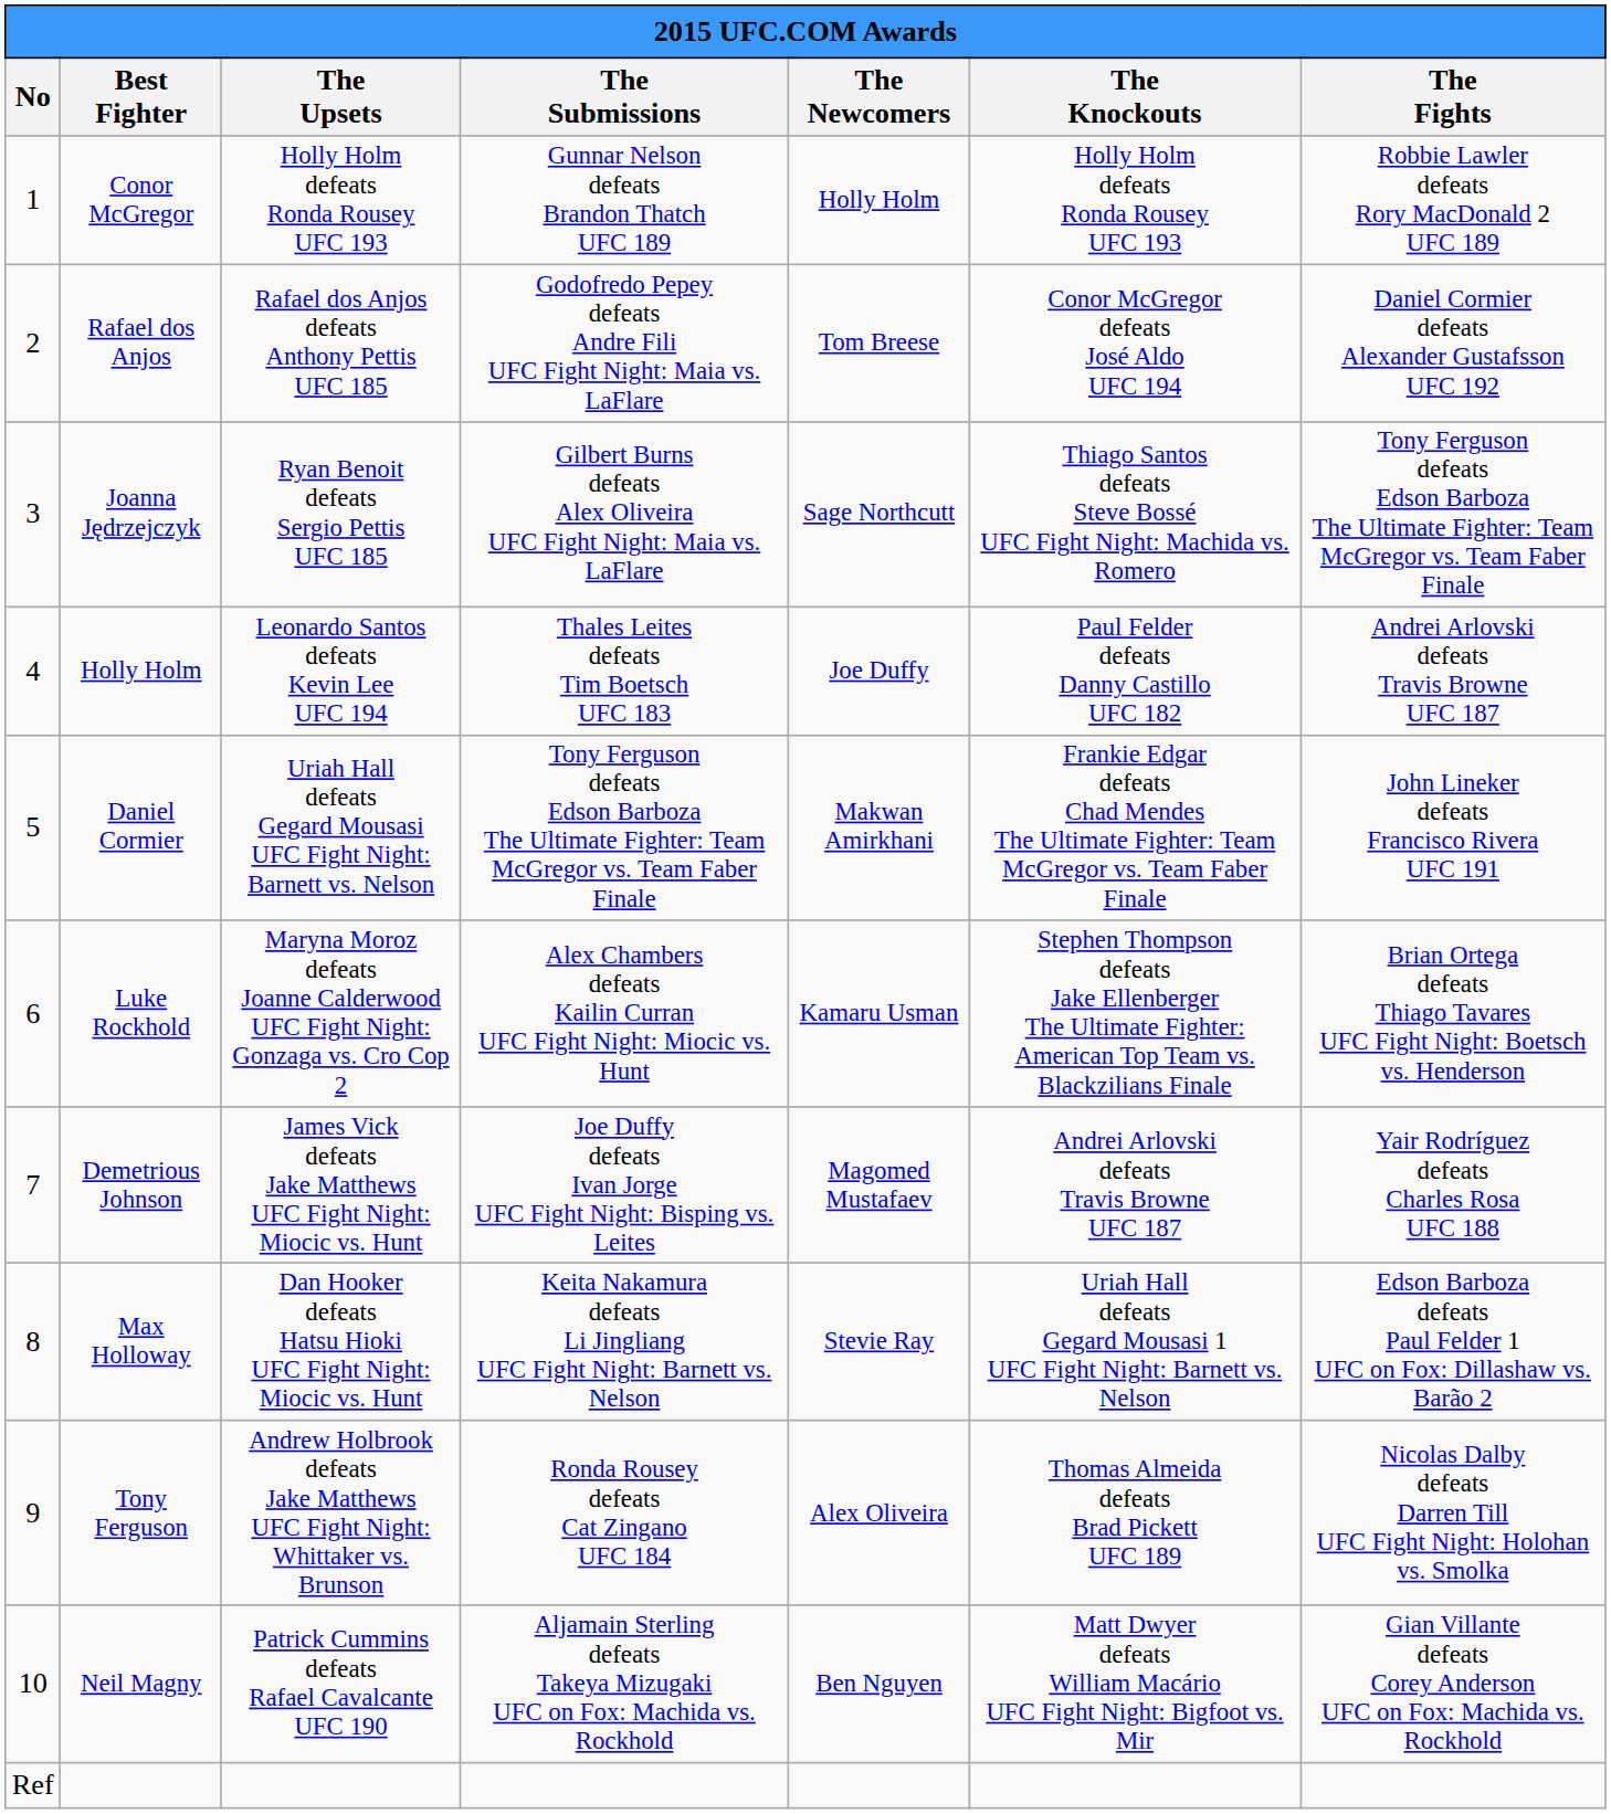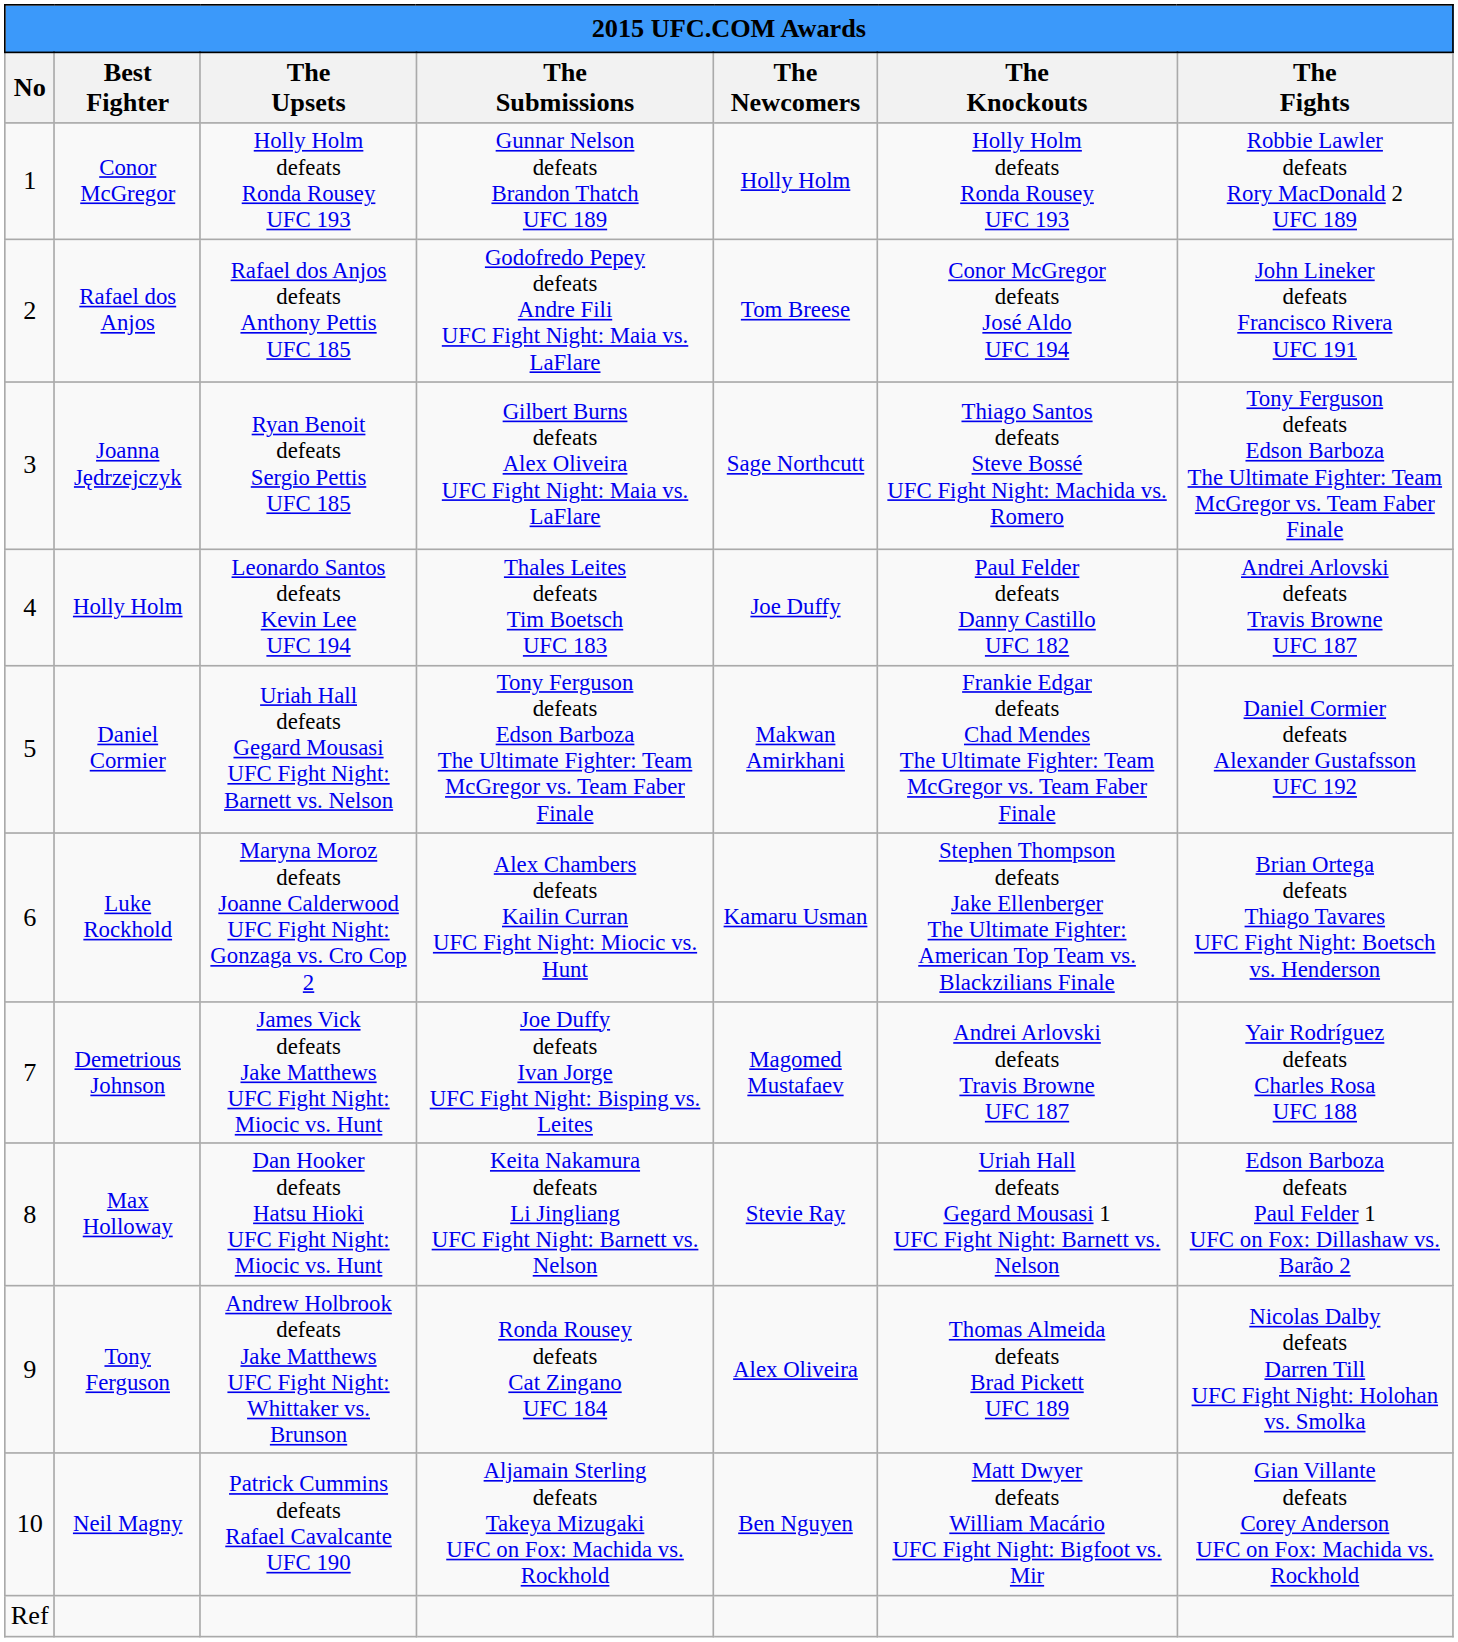 <table class="wikitable" width="100%" style="text-align:Center">
 <tr>
 <th colspan="7" style="border: 1px solid black; padding: 5px; background: #3B99FA;">2015 UFC.COM Awards</th>
 </tr>
 <tr>
 <th>No</th>
 <th>Best Fighter</th>
 <th>The<br>Upsets</th>
 <th>The<br>Submissions</th>
 <th>The Newcomers</th>
 <th>The<br>Knockouts</th>
 <th>The<br>Fights</th>
 </tr>
 <tr>
 <td>1</td>
 <td style="font-size:87%"><a href='#'>Conor McGregor</a></td>
 <td style="font-size:87%"><a href='#'>Holly Holm</a> <br> defeats <br> <a href='#'>Ronda Rousey</a> <br> <a href='#'>UFC 193</a></td>
 <td style="font-size:87%"><a href='#'>Gunnar Nelson</a> <br> defeats <br> <a href='#'>Brandon Thatch</a> <br> <a href='#'>UFC 189</a></td>
 <td style="font-size:87%"><a href='#'>Holly Holm</a></td>
 <td style="font-size:87%"><a href='#'>Holly Holm</a> <br> defeats <br> <a href='#'>Ronda Rousey</a> <br> <a href='#'>UFC 193</a></td>
 <td style="font-size:87%"><a href='#'>Robbie Lawler</a> <br> defeats <br> <a href='#'>Rory MacDonald</a> 2 <br> <a href='#'>UFC 189</a></td>
 </tr>
 <tr>
 <td>2</td>
 <td style="font-size:87%"><a href='#'>Rafael dos Anjos</a></td>
 <td style="font-size:87%"><a href='#'>Rafael dos Anjos</a> <br> defeats <br> <a href='#'>Anthony Pettis</a> <br> <a href='#'>UFC 185</a></td>
 <td style="font-size:87%"><a href='#'>Godofredo Pepey</a> <br> defeats  <br> <a href='#'>Andre Fili</a> <br> <a href='#'>UFC Fight Night: Maia vs. LaFlare</a></td>
 <td style="font-size:87%"><a href='#'>Tom Breese</a></td>
 <td style="font-size:87%"><a href='#'>Conor McGregor</a> <br> defeats <br> <a href='#'>José Aldo</a> <br> <a href='#'>UFC 194</a></td>
-<td style="font-size:87%"><a href='#'>Daniel Cormier</a> <br> defeats <br> <a href='#'>Alexander Gustafsson</a> <br> <a href='#'>UFC 192</a></td>
+<td style="font-size:87%"><a href='#'>John Lineker</a> <br> defeats <br> <a href='#'>Francisco Rivera</a> <br> <a href='#'>UFC 191</a></td>
 </tr>
 <tr>
 <td>3</td>
 <td style="font-size:87%"><a href='#'>Joanna Jędrzejczyk</a></td>
 <td style="font-size:87%"><a href='#'>Ryan Benoit</a> <br> defeats  <br> <a href='#'>Sergio Pettis</a> <br> <a href='#'>UFC 185</a></td>
 <td style="font-size:87%"><a href='#'>Gilbert Burns</a> <br> defeats  <br> <a href='#'>Alex Oliveira</a> <br> <a href='#'>UFC Fight Night: Maia vs. LaFlare</a></td>
 <td style="font-size:87%"><a href='#'>Sage Northcutt</a></td>
 <td style="font-size:87%"><a href='#'>Thiago Santos</a> <br> defeats <br> <a href='#'>Steve Bossé</a> <br> <a href='#'>UFC Fight Night: Machida vs. Romero</a></td>
 <td style="font-size:87%"><a href='#'>Tony Ferguson</a> <br> defeats <br> <a href='#'>Edson Barboza</a> <br> <a href='#'>The Ultimate Fighter: Team McGregor vs. Team Faber Finale</a></td>
 </tr>
 <tr>
 <td>4</td>
 <td style="font-size:87%"><a href='#'>Holly Holm</a></td>
 <td style="font-size:87%"><a href='#'>Leonardo Santos</a> <br> defeats <br> <a href='#'>Kevin Lee</a> <br> <a href='#'>UFC 194</a></td>
 <td style="font-size:87%"><a href='#'>Thales Leites</a> <br> defeats <br> <a href='#'>Tim Boetsch</a> <br> <a href='#'>UFC 183</a></td>
 <td style="font-size:87%"><a href='#'>Joe Duffy</a></td>
 <td style="font-size:87%"><a href='#'>Paul Felder</a> <br> defeats <br> <a href='#'>Danny Castillo</a> <br> <a href='#'>UFC 182</a></td>
 <td style="font-size:87%"><a href='#'>Andrei Arlovski</a> <br> defeats <br> <a href='#'>Travis Browne</a> <br> <a href='#'>UFC 187</a></td>
 </tr>
 <tr>
 <td>5</td>
 <td style="font-size:87%"><a href='#'>Daniel Cormier</a></td>
 <td style="font-size:87%"><a href='#'>Uriah Hall</a> <br> defeats <br> <a href='#'>Gegard Mousasi</a> <br> <a href='#'>UFC Fight Night: Barnett vs. Nelson</a></td>
 <td style="font-size:87%"><a href='#'>Tony Ferguson</a> <br> defeats <br> <a href='#'>Edson Barboza</a> <br> <a href='#'>The Ultimate Fighter: Team McGregor vs. Team Faber Finale</a></td>
 <td style="font-size:87%"><a href='#'>Makwan Amirkhani</a></td>
 <td style="font-size:87%"><a href='#'>Frankie Edgar</a> <br> defeats <br> <a href='#'>Chad Mendes</a> <br> <a href='#'>The Ultimate Fighter: Team McGregor vs. Team Faber Finale</a></td>
-<td style="font-size:87%"><a href='#'>John Lineker</a> <br> defeats <br> <a href='#'>Francisco Rivera</a> <br> <a href='#'>UFC 191</a></td>
+<td style="font-size:87%"><a href='#'>Daniel Cormier</a> <br> defeats <br> <a href='#'>Alexander Gustafsson</a> <br> <a href='#'>UFC 192</a></td>
 </tr>
 <tr>
 <td>6</td>
 <td style="font-size:87%"><a href='#'>Luke Rockhold</a></td>
 <td style="font-size:87%"><a href='#'>Maryna Moroz</a> <br> defeats <br> <a href='#'>Joanne Calderwood</a> <br> <a href='#'>UFC Fight Night: Gonzaga vs. Cro Cop 2</a></td>
 <td style="font-size:87%"><a href='#'>Alex Chambers</a> <br> defeats <br> <a href='#'>Kailin Curran</a> <br> <a href='#'>UFC Fight Night: Miocic vs. Hunt</a></td>
 <td style="font-size:87%"><a href='#'>Kamaru Usman</a></td>
 <td style="font-size:87%"><a href='#'>Stephen Thompson</a> <br> defeats <br> <a href='#'>Jake Ellenberger</a> <br> <a href='#'>The Ultimate Fighter: American Top Team vs. Blackzilians Finale</a></td>
 <td style="font-size:87%"><a href='#'>Brian Ortega</a> <br> defeats <br> <a href='#'>Thiago Tavares</a> <br> <a href='#'>UFC Fight Night: Boetsch vs. Henderson</a></td>
 </tr>
 <tr>
 <td>7</td>
 <td style="font-size:87%"><a href='#'>Demetrious Johnson</a></td>
 <td style="font-size:87%"><a href='#'>James Vick</a> <br> defeats <br> <a href='#'>Jake Matthews</a> <br> <a href='#'>UFC Fight Night: Miocic vs. Hunt</a></td>
 <td style="font-size:87%"><a href='#'>Joe Duffy</a> <br> defeats <br> <a href='#'>Ivan Jorge</a> <br> <a href='#'>UFC Fight Night: Bisping vs. Leites</a></td>
 <td style="font-size:87%"><a href='#'>Magomed Mustafaev</a></td>
 <td style="font-size:87%"><a href='#'>Andrei Arlovski</a> <br> defeats <br> <a href='#'>Travis Browne</a> <br> <a href='#'>UFC 187</a></td>
 <td style="font-size:87%"><a href='#'>Yair Rodríguez</a> <br> defeats <br> <a href='#'>Charles Rosa</a> <br> <a href='#'>UFC 188</a></td>
 </tr>
 <tr>
 <td>8</td>
 <td style="font-size:87%"><a href='#'>Max Holloway</a></td>
 <td style="font-size:87%"><a href='#'>Dan Hooker</a> <br> defeats <br> <a href='#'>Hatsu Hioki</a> <br> <a href='#'>UFC Fight Night: Miocic vs. Hunt</a></td>
 <td style="font-size:87%"><a href='#'>Keita Nakamura</a> <br> defeats <br> <a href='#'>Li Jingliang</a> <br> <a href='#'>UFC Fight Night: Barnett vs. Nelson</a></td>
 <td style="font-size:87%"><a href='#'>Stevie Ray</a></td>
 <td style="font-size:87%"><a href='#'>Uriah Hall</a> <br> defeats <br> <a href='#'>Gegard Mousasi</a> 1 <br> <a href='#'>UFC Fight Night: Barnett vs. Nelson</a></td>
 <td style="font-size:87%"><a href='#'>Edson Barboza</a> <br> defeats <br> <a href='#'>Paul Felder</a> 1 <br> <a href='#'>UFC on Fox: Dillashaw vs. Barão 2</a></td>
 </tr>
 <tr>
 <td>9</td>
 <td style="font-size:87%"><a href='#'>Tony Ferguson</a></td>
 <td style="font-size:87%"><a href='#'>Andrew Holbrook</a> <br> defeats <br>  <a href='#'>Jake Matthews</a> <br> <a href='#'>UFC Fight Night: Whittaker vs. Brunson</a></td>
 <td style="font-size:87%"><a href='#'>Ronda Rousey</a> <br> defeats <br> <a href='#'>Cat Zingano</a> <br> <a href='#'>UFC 184</a></td>
 <td style="font-size:87%"><a href='#'>Alex Oliveira</a></td>
 <td style="font-size:87%"><a href='#'>Thomas Almeida</a> <br> defeats <br> <a href='#'>Brad Pickett</a> <br> <a href='#'>UFC 189</a></td>
 <td style="font-size:87%"><a href='#'>Nicolas Dalby</a> <br> defeats <br> <a href='#'>Darren Till</a> <br> <a href='#'>UFC Fight Night: Holohan vs. Smolka</a></td>
 </tr>
 <tr>
 <td>10</td>
 <td style="font-size:87%"><a href='#'>Neil Magny</a></td>
 <td style="font-size:87%"><a href='#'>Patrick Cummins</a> <br> defeats <br> <a href='#'>Rafael Cavalcante</a> <br> <a href='#'>UFC 190</a></td>
 <td style="font-size:87%"><a href='#'>Aljamain Sterling</a> <br> defeats <br> <a href='#'>Takeya Mizugaki</a> <br> <a href='#'>UFC on Fox: Machida vs. Rockhold</a></td>
 <td style="font-size:87%"><a href='#'>Ben Nguyen</a></td>
 <td style="font-size:87%"><a href='#'>Matt Dwyer</a><br> defeats <br> <a href='#'>William Macário</a> <br> <a href='#'>UFC Fight Night: Bigfoot vs. Mir</a></td>
 <td style="font-size:87%"><a href='#'>Gian Villante</a> <br> defeats <br> <a href='#'>Corey Anderson</a> <br> <a href='#'>UFC on Fox: Machida vs. Rockhold</a></td>
 </tr>
 <tr>
 <td>Ref</td>
 <td></td>
 <td></td>
 <td></td>
 <td></td>
 <td></td>
 <td></td>
 </tr>
 </table>
